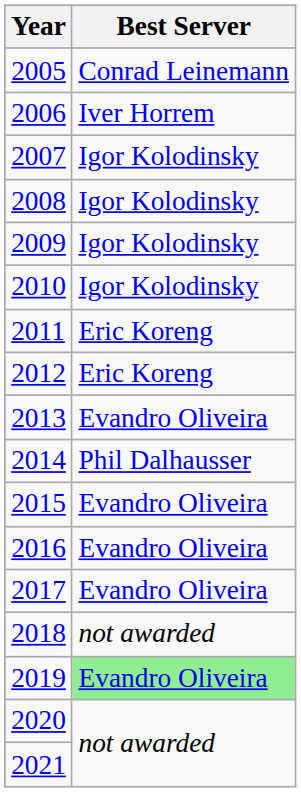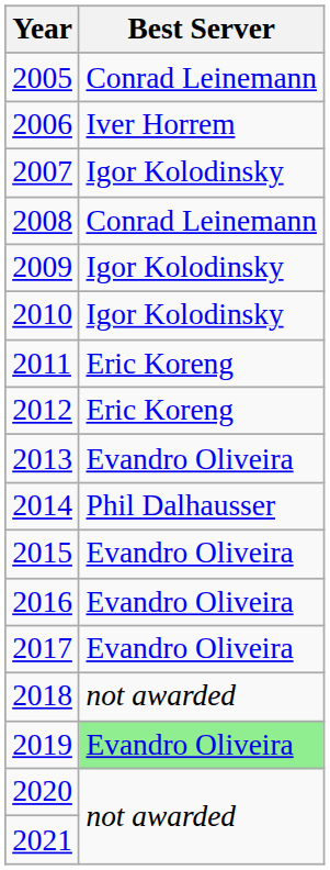 <table class="wikitable sortable" style="display:inline-table;">
 <tr>
 <th>Year</th>
 <th>Best Server</th>
 </tr>
 <tr>
 <td><a href='#'>2005</a></td>
 <td> <a href='#'>Conrad Leinemann</a></td>
 </tr>
 <tr>
 <td><a href='#'>2006</a></td>
 <td> <a href='#'>Iver Horrem</a></td>
 </tr>
 <tr>
 <td><a href='#'>2007</a></td>
 <td> <a href='#'>Igor Kolodinsky</a> </td>
 </tr>
 <tr>
 <td><a href='#'>2008</a></td>
-<td> <a href='#'>Igor Kolodinsky</a> </td>
+<td> <a href='#'>Conrad Leinemann</a></td>
 </tr>
 <tr>
 <td><a href='#'>2009</a></td>
 <td> <a href='#'>Igor Kolodinsky</a> </td>
 </tr>
 <tr>
 <td><a href='#'>2010</a></td>
 <td> <a href='#'>Igor Kolodinsky</a> </td>
 </tr>
 <tr>
 <td><a href='#'>2011</a></td>
 <td> <a href='#'>Eric Koreng</a> </td>
 </tr>
 <tr>
 <td><a href='#'>2012</a></td>
 <td> <a href='#'>Eric Koreng</a> </td>
 </tr>
 <tr>
 <td><a href='#'>2013</a></td>
 <td> <a href='#'>Evandro Oliveira</a> </td>
 </tr>
 <tr>
 <td><a href='#'>2014</a></td>
 <td> <a href='#'>Phil Dalhausser</a></td>
 </tr>
 <tr>
 <td><a href='#'>2015</a></td>
 <td> <a href='#'>Evandro Oliveira</a> </td>
 </tr>
 <tr>
 <td><a href='#'>2016</a></td>
 <td> <a href='#'>Evandro Oliveira</a> </td>
 </tr>
 <tr>
 <td><a href='#'>2017</a></td>
 <td> <a href='#'>Evandro Oliveira</a> </td>
 </tr>
 <tr>
 <td><a href='#'>2018</a></td>
 <td><em>not awarded</em></td>
 </tr>
 <tr>
 <td><a href='#'>2019</a></td>
 <td style="background: lightgreen;"> <a href='#'>Evandro Oliveira</a> </td>
 </tr>
 <tr>
 <td><a href='#'>2020</a></td>
 <td rowspan=2><em>not awarded</em></td>
 </tr>
 <tr>
 <td><a href='#'>2021</a></td>
 </tr>
 </table>
